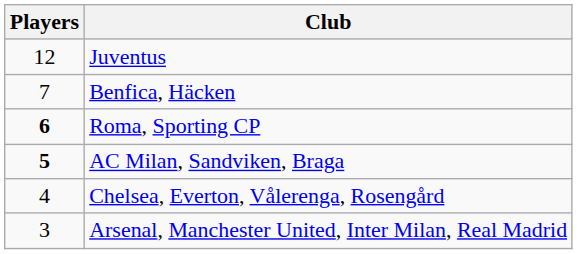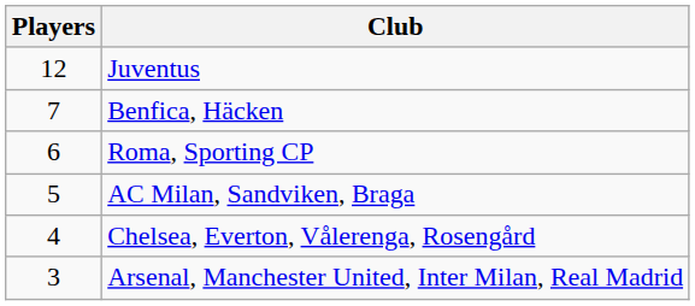 <table class="wikitable">
 <tr>
 <th>Players</th>
 <th>Club</th>
 </tr>
 <tr>
 <td align="center">12</td>
 <td> <a href='#'>Juventus</a></td>
 </tr>
 <tr>
 <td align="center">7</td>
 <td> <a href='#'>Benfica</a>,  <a href='#'>Häcken</a></td>
 </tr>
 <tr>
-<td align="center"><strong>6</strong></td>
+<td align="center">6</td>
 <td> <a href='#'>Roma</a>,  <a href='#'>Sporting CP</a></td>
 </tr>
 <tr>
-<td align="center"><strong>5</strong></td>
+<td align="center">5</td>
 <td> <a href='#'>AC Milan</a>,  <a href='#'>Sandviken</a>,  <a href='#'>Braga</a></td>
 </tr>
 <tr>
 <td align="center">4</td>
 <td> <a href='#'>Chelsea</a>,  <a href='#'>Everton</a>,  <a href='#'>Vålerenga</a>,  <a href='#'>Rosengård</a></td>
 </tr>
 <tr>
 <td align="center">3</td>
 <td> <a href='#'>Arsenal</a>,  <a href='#'>Manchester United</a>,  <a href='#'>Inter Milan</a>,  <a href='#'>Real Madrid</a></td>
 </tr>
 </table>
